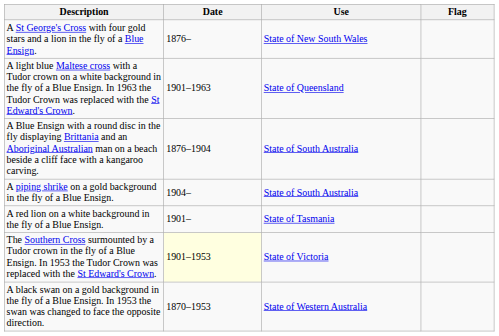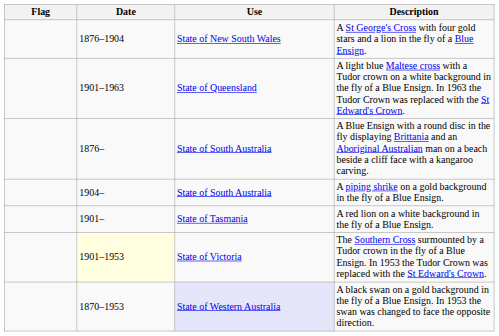 <table class="wikitable">
 <tr style="background:#efefef;">
-<th style="width:250px;">Description</th>
+<th style="width:110px;">Flag</th>
 <th style="width:150px;">Date</th>
 <th style="width:250px;">Use</th>
-<th style="width:110px;">Flag</th>
+<th style="width:250px;">Description</th>
 </tr>
 <tr>
+<td></td>
+<td>1876–1904</td>
+<td><a href='#'>State of New South Wales</a></td>
 <td>A <a href='#'>St George's Cross</a> with four gold stars and a lion in the fly of a <a href='#'>Blue Ensign</a>.</td>
-<td>1876–</td>
-<td><a href='#'>State of New South Wales</a></td>
-<td></td>
 </tr>
 <tr>
-<td>A light blue <a href='#'>Maltese cross</a> with a Tudor crown on a white background in the fly of a Blue Ensign. In 1963 the Tudor Crown was replaced with the <a href='#'>St Edward's Crown</a>.</td>
+<td></td>
 <td>1901–1963</td>
 <td><a href='#'>State of Queensland</a></td>
-<td></td>
+<td>A light blue <a href='#'>Maltese cross</a> with a Tudor crown on a white background in the fly of a Blue Ensign. In 1963 the Tudor Crown was replaced with the <a href='#'>St Edward's Crown</a>.</td>
 </tr>
 <tr>
+<td></td>
+<td>1876–</td>
+<td><a href='#'>State of South Australia</a></td>
 <td>A Blue Ensign with a round disc in the fly displaying <a href='#'>Brittania</a> and an <a href='#'>Aboriginal Australian</a> man on a beach beside a cliff face with a kangaroo carving.</td>
-<td>1876–1904</td>
-<td><a href='#'>State of South Australia</a></td>
-<td></td>
 </tr>
 <tr>
-<td>A <a href='#'>piping shrike</a> on a gold background in the fly of a Blue Ensign.</td>
+<td></td>
 <td>1904–</td>
 <td><a href='#'>State of South Australia</a></td>
-<td></td>
+<td>A <a href='#'>piping shrike</a> on a gold background in the fly of a Blue Ensign.</td>
 </tr>
 <tr>
-<td>A red lion on a white background in the fly of a Blue Ensign.</td>
+<td></td>
 <td>1901–</td>
 <td><a href='#'>State of Tasmania</a></td>
-<td></td>
+<td>A red lion on a white background in the fly of a Blue Ensign.</td>
 </tr>
 <tr>
-<td>The <a href='#'>Southern Cross</a> surmounted by a Tudor crown in the fly of a Blue Ensign. In 1953 the Tudor Crown was replaced with the <a href='#'>St Edward's Crown</a>.</td>
+<td></td>
 <td style="background: lightyellow;">1901–1953</td>
 <td><a href='#'>State of Victoria</a></td>
-<td></td>
+<td>The <a href='#'>Southern Cross</a> surmounted by a Tudor crown in the fly of a Blue Ensign. In 1953 the Tudor Crown was replaced with the <a href='#'>St Edward's Crown</a>.</td>
 </tr>
 <tr>
+<td></td>
+<td>1870–1953</td>
+<td style="background: lavender;"><a href='#'>State of Western Australia</a></td>
 <td>A black swan on a gold background in the fly of a Blue Ensign. In 1953 the swan was changed to face the opposite direction.</td>
-<td>1870–1953</td>
-<td><a href='#'>State of Western Australia</a></td>
-<td></td>
 </tr>
 </table>
